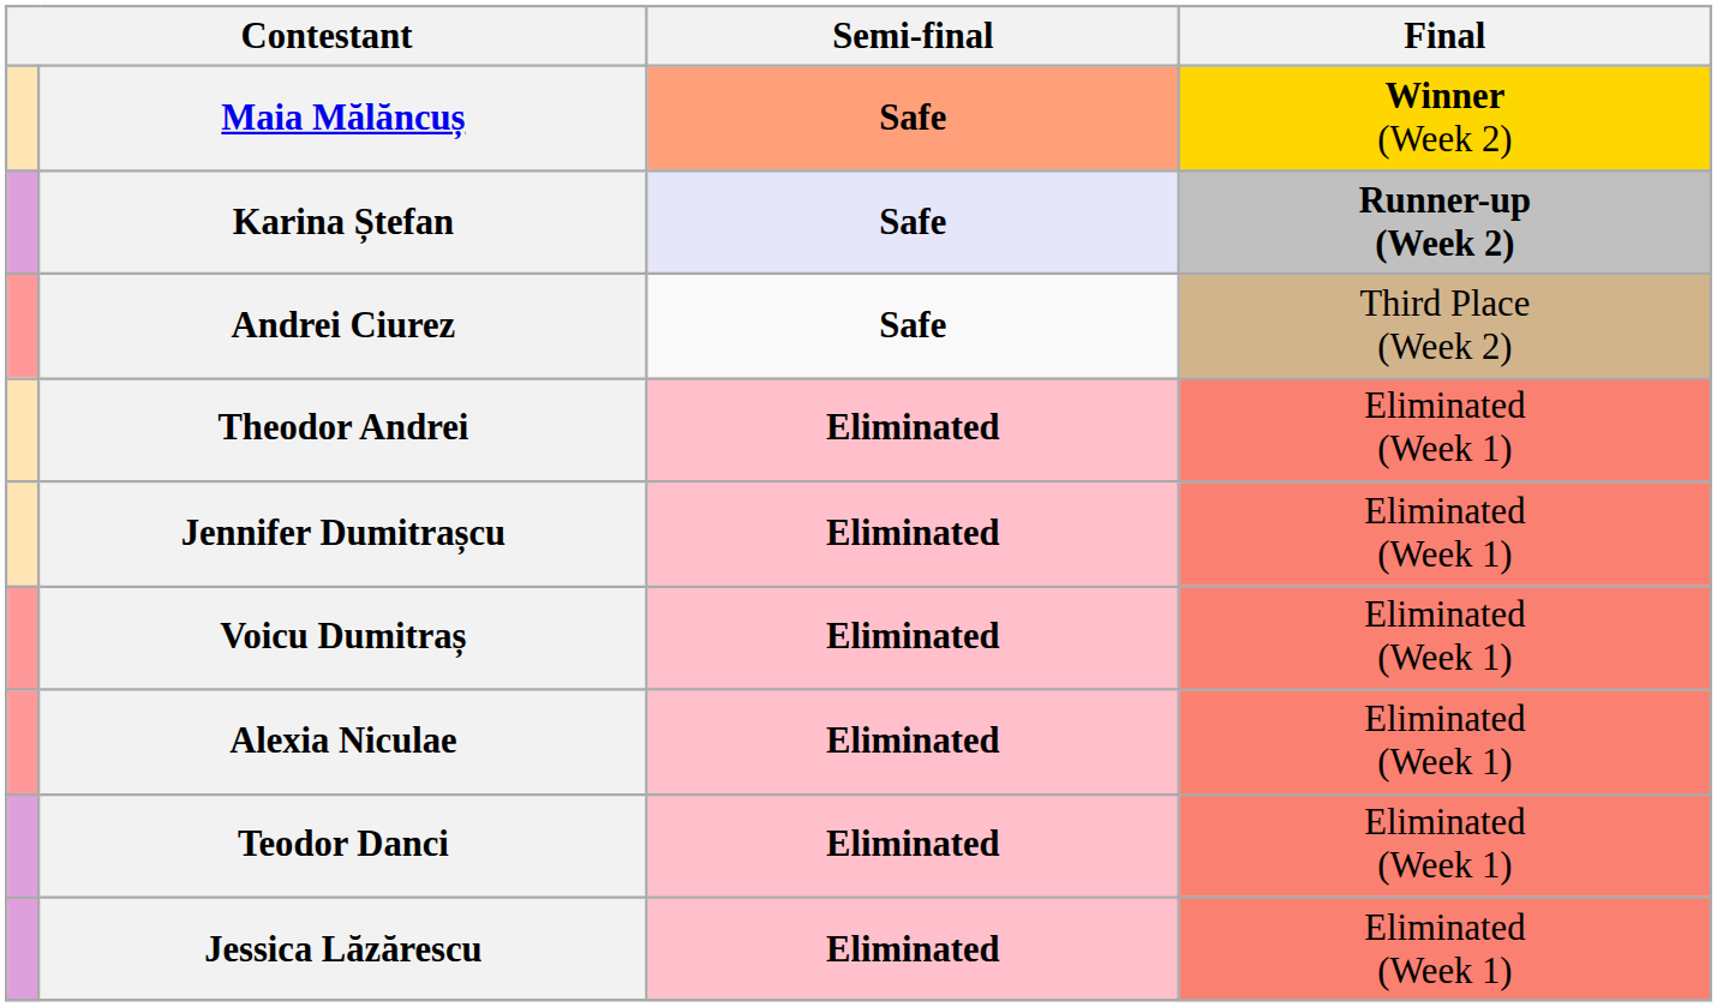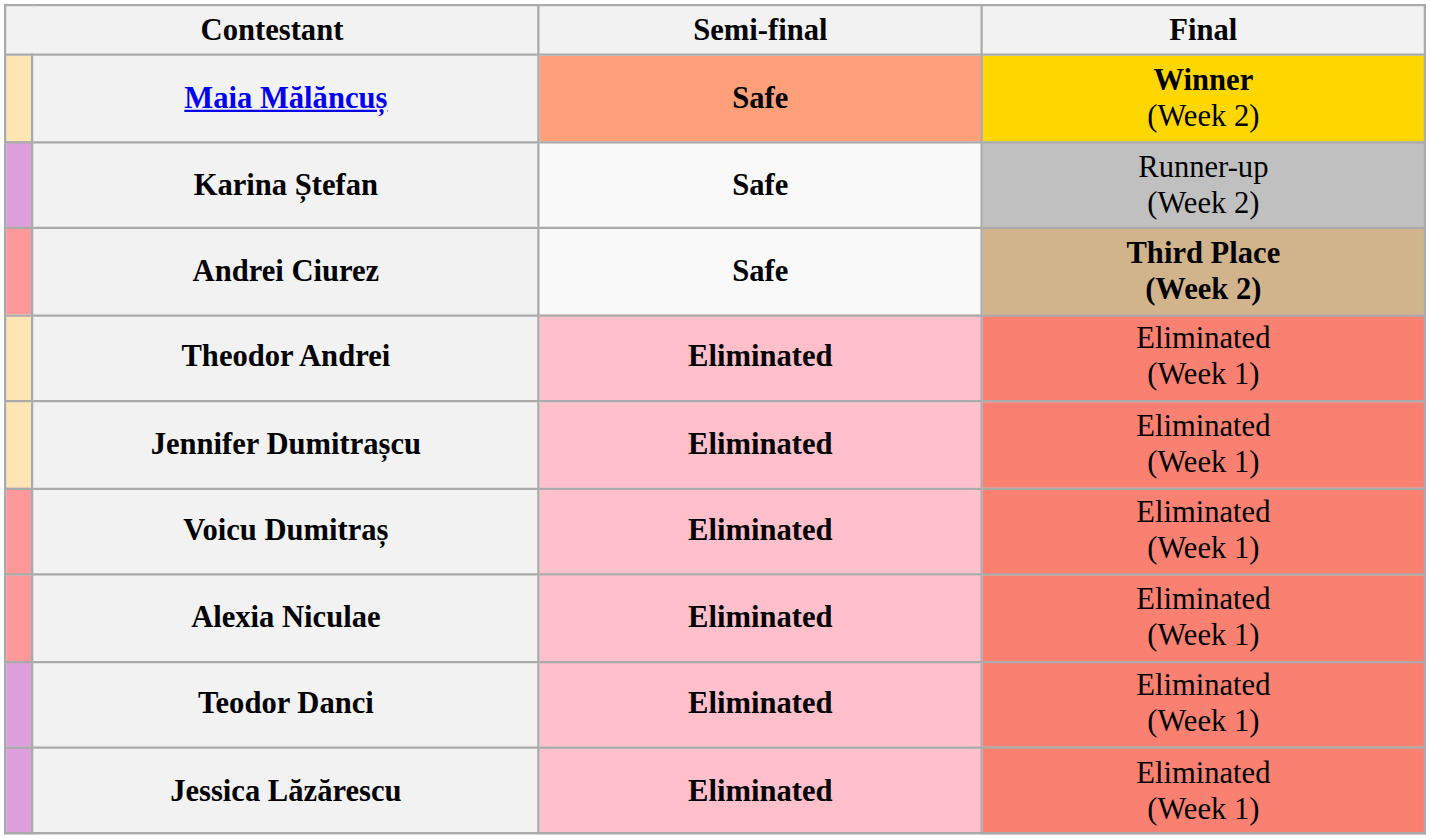 <table class="wikitable" style="text-align:center; width:50%; font-size:85%">
 <tr>
 <th colspan="2" style="width:18%;">Contestant</th>
 <th scope="col" style="width:15%;">Semi-final</th>
 <th colspan="2" style="width:15%;">Final</th>
 </tr>
 <tr>
 <th style="background:#ffe5b4;"></th>
 <th><a href='#'>Maia Mălăncuș</a></th>
 <td style="background: lightsalmon;"><strong>Safe</strong></td>
 <td style = "background:gold"><strong>Winner</strong> <br>(Week 2)</td>
 </tr>
 <tr>
 <th style="background:#dda0dd"></th>
 <th>Karina Ștefan</th>
-<td style="background: lavender;"><strong>Safe</strong></td>
-<td style = "background:silver"><strong>Runner-up <br>(Week 2)</strong></td>
+<td><strong>Safe</strong></td>
+<td style = "background:silver">Runner-up <br>(Week 2)</td>
 </tr>
 <tr>
 <th style="background:#ff9999;"></th>
 <th>Andrei Ciurez</th>
 <td><strong>Safe</strong></td>
-<td style = "background:tan">Third Place <br>(Week 2)</td>
+<td style = "background:tan"><strong>Third Place <br>(Week 2)</strong></td>
 </tr>
 <tr>
 <th style="background:#ffe5b4;"></th>
 <th>Theodor Andrei</th>
 <td style = "background:pink"><strong>Eliminated</strong></td>
 <td colspan="2" style="background:salmon;">Eliminated<br> (Week 1)</td>
 </tr>
 <tr>
 <th style="background:#ffe5b4;"></th>
 <th>Jennifer Dumitrașcu</th>
 <td style = "background:pink"><strong>Eliminated</strong></td>
 <td colspan="2" style="background:salmon;">Eliminated <br>(Week 1)</td>
 </tr>
 <tr>
 <th style="background:#ff9999"></th>
 <th>Voicu Dumitraș</th>
 <td style = "background:pink"><strong>Eliminated</strong></td>
 <td colspan="2" style="background:salmon;">Eliminated <br>(Week 1)</td>
 </tr>
 <tr>
 <th style="background:#ff9999"></th>
 <th>Alexia Niculae</th>
 <td style = "background:pink"><strong>Eliminated</strong></td>
 <td colspan="2" style="background:salmon;">Eliminated <br>(Week 1)</td>
 </tr>
 <tr>
 <th style="background:#dda0dd;"></th>
 <th>Teodor Danci</th>
 <td style = "background:pink"><strong>Eliminated</strong></td>
 <td colspan="2" style="background:salmon;">Eliminated <br>(Week 1)</td>
 </tr>
 <tr>
 <th style="background:#dda0dd;"></th>
 <th>Jessica Lăzărescu</th>
 <td style = "background:pink"><strong>Eliminated</strong></td>
 <td colspan="2" style="background:salmon;">Eliminated <br>(Week 1)</td>
 </tr>
 <tr>
 </tr>
 </table>
